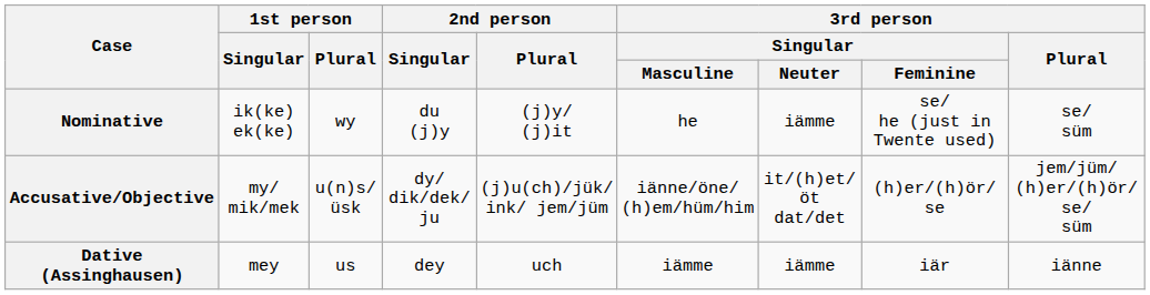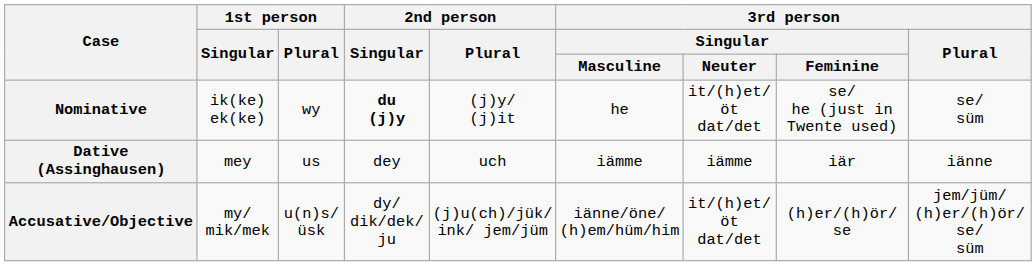 <table class="wikitable" style="text-align:center">
 <tr>
 <th rowspan="3">Case</th>
 <th colspan="2">1st person</th>
 <th colspan="2">2nd person</th>
 <th colspan="4">3rd person</th>
 </tr>
 <tr>
 <th rowspan="2">Singular</th>
 <th rowspan="2">Plural</th>
 <th rowspan="2">Singular</th>
 <th rowspan="2">Plural</th>
 <th colspan="3">Singular</th>
 <th rowspan="2">Plural</th>
 </tr>
 <tr>
 <th>Masculine</th>
 <th>Neuter</th>
 <th>Feminine</th>
 </tr>
 <tr>
 <th>Nominative</th>
 <td>ik(ke)<br>ek(ke)</td>
 <td>wy</td>
-<td>du<br>(j)y</td>
+<td><strong>du<br>(j)y</strong></td>
 <td>(j)y/<br>(j)it</td>
 <td>he</td>
-<td>iämme</td>
+<td>it/(h)et/öt<br>dat/det</td>
 <td>se/<br>he (just in Twente used)</td>
 <td>se/<br>süm</td>
+</tr>
+<tr>
+<th>Dative (Assinghausen)</th>
+<td>mey</td>
+<td>us</td>
+<td>dey</td>
+<td>uch</td>
+<td>iämme</td>
+<td>iämme</td>
+<td>iär</td>
+<td>iänne</td>
 </tr>
 <tr>
 <th>Accusative/Objective</th>
 <td>my/<br>mik/mek</td>
 <td>u(n)s/üsk</td>
 <td>dy/<br>dik/dek/ ju</td>
 <td>(j)u(ch)/jük/<br>ink/ jem/jüm</td>
 <td>iänne/öne/<br>(h)em/hüm/him</td>
 <td>it/(h)et/öt<br>dat/det</td>
 <td>(h)er/(h)ör/<br>se</td>
 <td>jem/jüm/<br>(h)er/(h)ör/ se/<br>süm</td>
 </tr>
-<tr>
-<th>Dative (Assinghausen)</th>
-<td>mey</td>
-<td>us</td>
-<td>dey</td>
-<td>uch</td>
-<td>iämme</td>
-<td>iämme</td>
-<td>iär</td>
-<td>iänne</td>
-</tr>
 </table>
